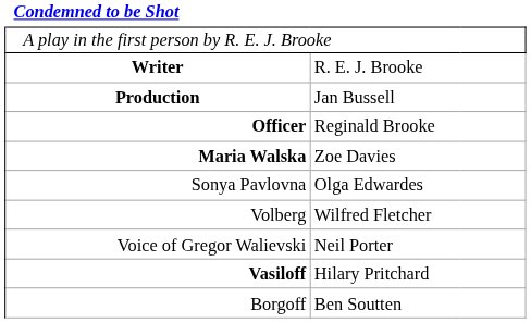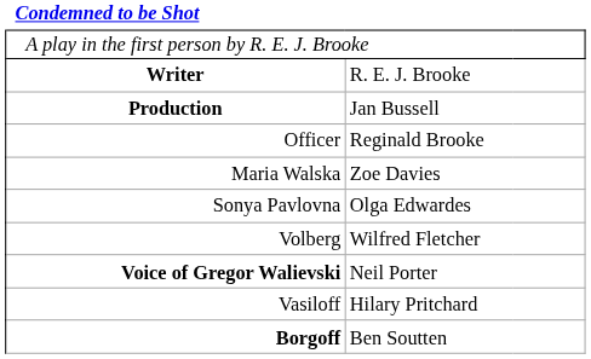 <table class="wikitable mw-collapsible mw-collapsed" style="vertical-align:top;margin:auto 2em;line-height:1.2;max-width:33em;background-color:inherit;border:none;">
 <tr>
 <td class=unsortable style="border:hidden;line-height:1.67;margin-left:-1em;text-align:center;padding-left:0.5em;min-width:1.0em;"></td>
 <td class=unsortable style="border-style:none;padding-left:0.5em;text-align:left;min-width:16.5em;font-weight:700;font-style:italic;"><a href='#'>Condemned to be Shot</a></td>
 <td class=unsortable style="border:none;text-align:right;font-weight:normal; font-size:95%; min-width:8.5em;padding-right:0.2em;"></td>
 <td class=unsortable style="border:none;min-width:3.5em;padding-left:0;"></td>
 <td class=unsortable style="border:hidden;min-width:3.5em;font-size:95%;"></td>
 </tr>
 <tr>
 <td rowspan=100 style="border:none thin;border-right-style :solid;"></td>
 <td colspan=3 style="text-align:left;padding:0.1em 1em;font-style:italic;border: solid thin;">A play in the first person by R. E. J. Brooke</td>
 </tr>
 <tr>
 <td style="text-align:center;font-weight:bold;">Writer</td>
 <td colspan=2>R. E. J. Brooke</td>
 </tr>
 <tr>
 <td style="text-align:center;font-weight:bold;">Production</td>
 <td colspan=2>Jan Bussell</td>
 </tr>
 <tr>
-<td style="text-align:right;"><strong>Officer</strong></td>
+<td style="text-align:right;">Officer</td>
 <td colspan=2>Reginald Brooke</td>
 </tr>
 <tr>
-<td style="text-align:right;"><strong>Maria Walska</strong></td>
+<td style="text-align:right;">Maria Walska</td>
 <td colspan=2>Zoe Davies</td>
 </tr>
 <tr>
 <td style="text-align:right;">Sonya Pavlovna</td>
 <td colspan=2>Olga Edwardes</td>
 </tr>
 <tr>
 <td style="text-align:right;">Volberg</td>
 <td colspan=2>Wilfred Fletcher</td>
 </tr>
 <tr>
-<td style="text-align:right;">Voice of Gregor Walievski</td>
+<td style="text-align:right;"><strong>Voice of Gregor Walievski</strong></td>
 <td colspan=2>Neil Porter</td>
 </tr>
 <tr>
-<td style="text-align:right;"><strong>Vasiloff</strong></td>
+<td style="text-align:right;">Vasiloff</td>
 <td colspan=2>Hilary Pritchard</td>
 </tr>
 <tr>
-<td style="text-align:right;">Borgoff</td>
+<td style="text-align:right;"><strong>Borgoff</strong></td>
 <td colspan=2>Ben Soutten</td>
 </tr>
 </table>
